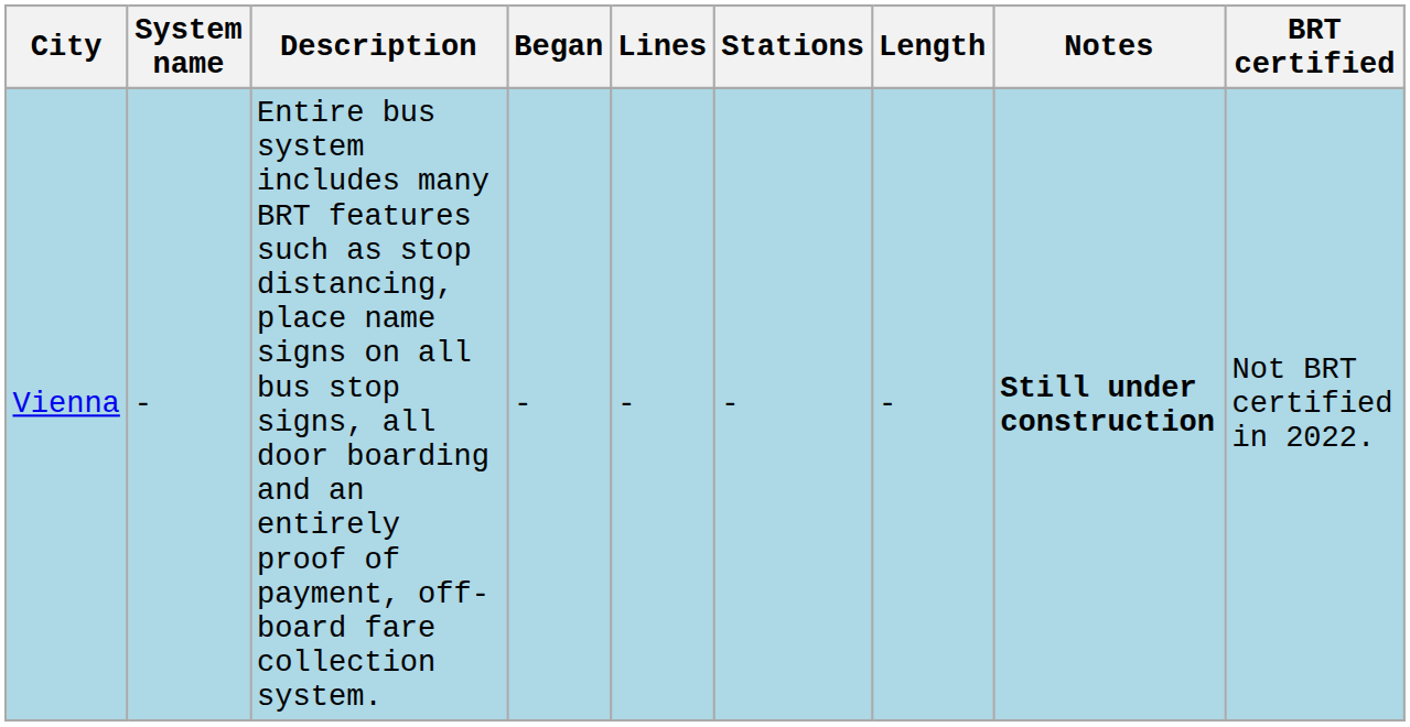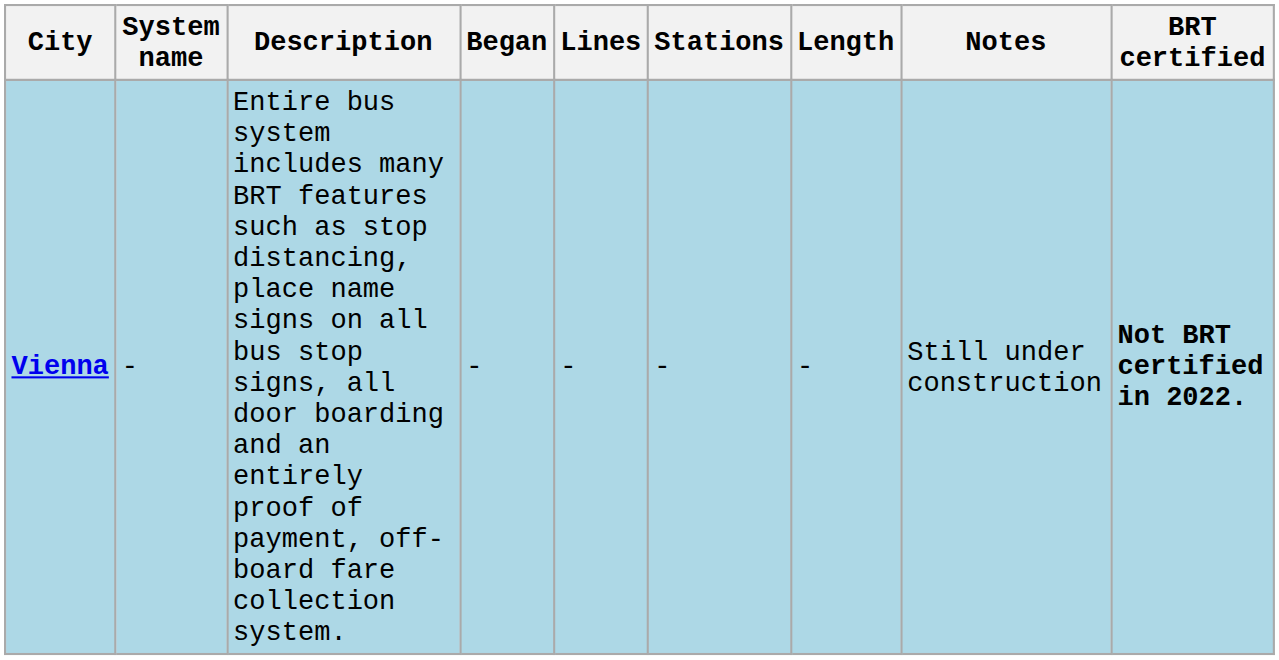 <table class="wikitable">
 <tr>
 <th>City</th>
 <th>System name</th>
 <th>Description</th>
 <th>Began</th>
 <th>Lines</th>
 <th>Stations</th>
 <th>Length</th>
 <th>Notes</th>
 <th>BRT certified</th>
 </tr>
 <tr>
 </tr>
 <tr style="background:lightblue;">
-<td><a href='#'>Vienna</a></td>
+<td><strong><a href='#'>Vienna</a></strong></td>
 <td>-</td>
 <td>Entire bus system includes many BRT features such as stop distancing, place name signs on all bus stop signs, all door boarding and an entirely proof of payment, off-board fare collection system.</td>
 <td>-</td>
 <td>-</td>
 <td>-</td>
 <td>-</td>
-<td><strong>Still under construction</strong></td>
-<td>Not BRT certified in 2022.</td>
+<td>Still under construction</td>
+<td><strong>Not BRT certified in 2022.</strong></td>
 </tr>
 </table>
